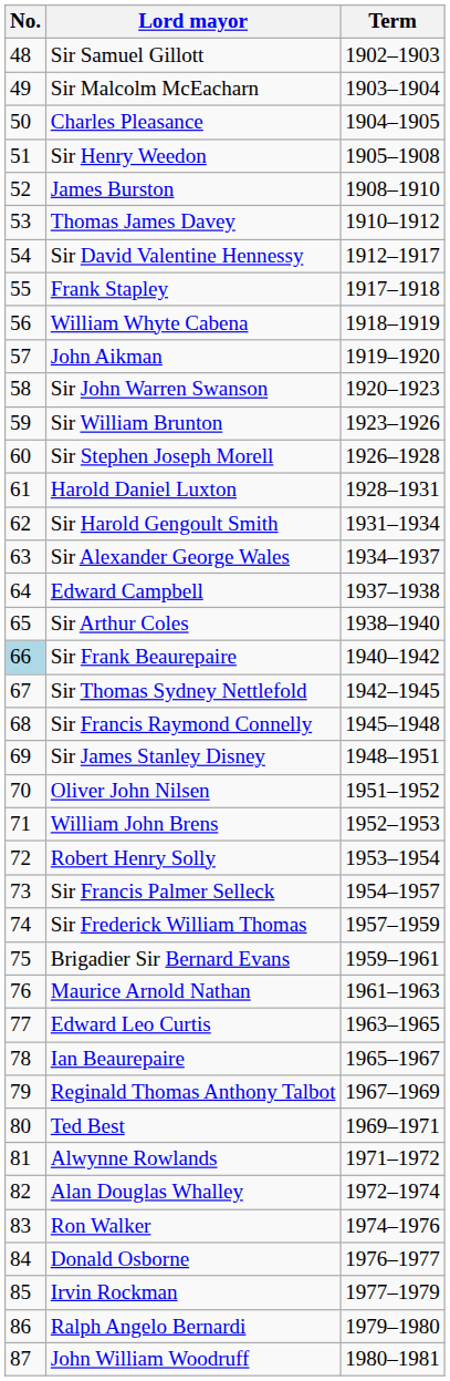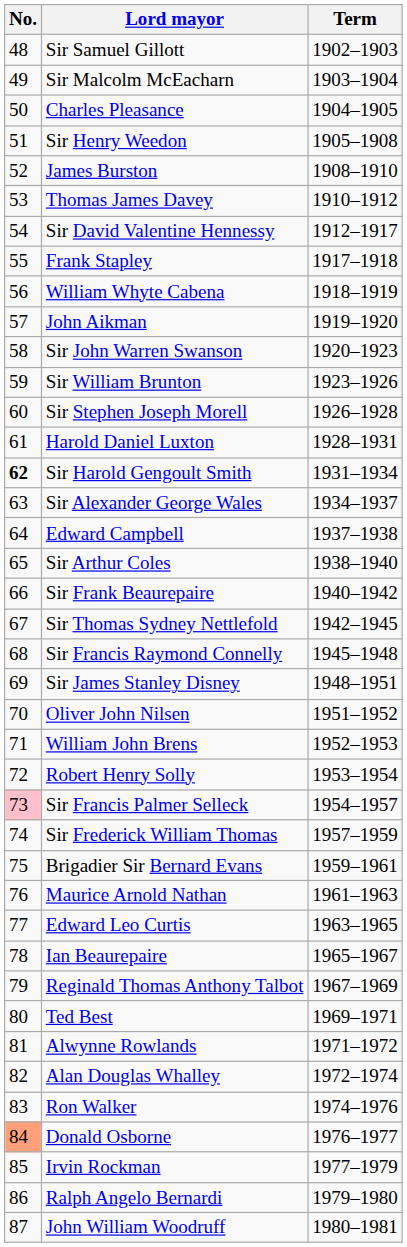 <table class="wikitable">
 <tr>
 <th>No.</th>
 <th><a href='#'>Lord mayor</a></th>
 <th>Term</th>
 </tr>
 <tr>
 <td>48</td>
 <td>Sir Samuel Gillott</td>
 <td>1902–1903</td>
 </tr>
 <tr>
 <td>49</td>
 <td>Sir Malcolm McEacharn</td>
 <td>1903–1904</td>
 </tr>
 <tr>
 <td>50</td>
 <td><a href='#'>Charles Pleasance</a></td>
 <td>1904–1905</td>
 </tr>
 <tr>
 <td>51</td>
 <td>Sir <a href='#'>Henry Weedon</a></td>
 <td>1905–1908</td>
 </tr>
 <tr>
 <td>52</td>
 <td><a href='#'>James Burston</a></td>
 <td>1908–1910</td>
 </tr>
 <tr>
 <td>53</td>
 <td><a href='#'>Thomas James Davey</a></td>
 <td>1910–1912</td>
 </tr>
 <tr>
 <td>54</td>
 <td>Sir <a href='#'>David Valentine Hennessy</a></td>
 <td>1912–1917</td>
 </tr>
 <tr>
 <td>55</td>
 <td><a href='#'>Frank Stapley</a></td>
 <td>1917–1918</td>
 </tr>
 <tr>
 <td>56</td>
 <td><a href='#'>William Whyte Cabena</a></td>
 <td>1918–1919</td>
 </tr>
 <tr>
 <td>57</td>
 <td><a href='#'>John Aikman</a></td>
 <td>1919–1920</td>
 </tr>
 <tr>
 <td>58</td>
 <td>Sir <a href='#'>John Warren Swanson</a></td>
 <td>1920–1923</td>
 </tr>
 <tr>
 <td>59</td>
 <td>Sir <a href='#'>William Brunton</a></td>
 <td>1923–1926</td>
 </tr>
 <tr>
 <td>60</td>
 <td>Sir <a href='#'>Stephen Joseph Morell</a></td>
 <td>1926–1928</td>
 </tr>
 <tr>
 <td>61</td>
 <td><a href='#'>Harold Daniel Luxton</a></td>
 <td>1928–1931</td>
 </tr>
 <tr>
-<td>62</td>
+<td><strong>62</strong></td>
 <td>Sir <a href='#'>Harold Gengoult Smith</a></td>
 <td>1931–1934</td>
 </tr>
 <tr>
 <td>63</td>
 <td>Sir <a href='#'>Alexander George Wales</a></td>
 <td>1934–1937</td>
 </tr>
 <tr>
 <td>64</td>
 <td><a href='#'>Edward Campbell</a></td>
 <td>1937–1938</td>
 </tr>
 <tr>
 <td>65</td>
 <td>Sir <a href='#'>Arthur Coles</a></td>
 <td>1938–1940</td>
 </tr>
 <tr>
-<td style="background: lightblue;">66</td>
+<td>66</td>
 <td>Sir <a href='#'>Frank Beaurepaire</a></td>
 <td>1940–1942</td>
 </tr>
 <tr>
 <td>67</td>
 <td>Sir <a href='#'>Thomas Sydney Nettlefold</a></td>
 <td>1942–1945</td>
 </tr>
 <tr>
 <td>68</td>
 <td>Sir <a href='#'>Francis Raymond Connelly</a></td>
 <td>1945–1948</td>
 </tr>
 <tr>
 <td>69</td>
 <td>Sir <a href='#'>James Stanley Disney</a></td>
 <td>1948–1951</td>
 </tr>
 <tr>
 <td>70</td>
 <td><a href='#'>Oliver John Nilsen</a></td>
 <td>1951–1952</td>
 </tr>
 <tr>
 <td>71</td>
 <td><a href='#'>William John Brens</a></td>
 <td>1952–1953</td>
 </tr>
 <tr>
 <td>72</td>
 <td><a href='#'>Robert Henry Solly</a></td>
 <td>1953–1954</td>
 </tr>
 <tr>
-<td>73</td>
+<td style="background: pink;">73</td>
 <td>Sir <a href='#'>Francis Palmer Selleck</a></td>
 <td>1954–1957</td>
 </tr>
 <tr>
 <td>74</td>
 <td>Sir <a href='#'>Frederick William Thomas</a></td>
 <td>1957–1959</td>
 </tr>
 <tr>
 <td>75</td>
 <td>Brigadier Sir <a href='#'>Bernard Evans</a></td>
 <td>1959–1961</td>
 </tr>
 <tr>
 <td>76</td>
 <td><a href='#'>Maurice Arnold Nathan</a></td>
 <td>1961–1963</td>
 </tr>
 <tr>
 <td>77</td>
 <td><a href='#'>Edward Leo Curtis</a></td>
 <td>1963–1965</td>
 </tr>
 <tr>
 <td>78</td>
 <td><a href='#'>Ian Beaurepaire</a></td>
 <td>1965–1967</td>
 </tr>
 <tr>
 <td>79</td>
 <td><a href='#'>Reginald Thomas Anthony Talbot</a></td>
 <td>1967–1969</td>
 </tr>
 <tr>
 <td>80</td>
 <td><a href='#'>Ted Best</a></td>
 <td>1969–1971</td>
 </tr>
 <tr>
 <td>81</td>
 <td><a href='#'>Alwynne Rowlands</a></td>
 <td>1971–1972</td>
 </tr>
 <tr>
 <td>82</td>
 <td><a href='#'>Alan Douglas Whalley</a></td>
 <td>1972–1974</td>
 </tr>
 <tr>
 <td>83</td>
 <td><a href='#'>Ron Walker</a></td>
 <td>1974–1976</td>
 </tr>
 <tr>
-<td>84</td>
+<td style="background: lightsalmon;">84</td>
 <td><a href='#'>Donald Osborne</a></td>
 <td>1976–1977</td>
 </tr>
 <tr>
 <td>85</td>
 <td><a href='#'>Irvin Rockman</a></td>
 <td>1977–1979</td>
 </tr>
 <tr>
 <td>86</td>
 <td><a href='#'>Ralph Angelo Bernardi</a></td>
 <td>1979–1980</td>
 </tr>
 <tr>
 <td>87</td>
 <td><a href='#'>John William Woodruff</a></td>
 <td>1980–1981</td>
 </tr>
 </table>
